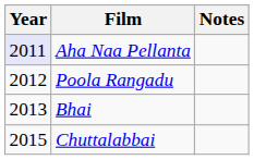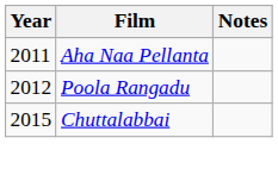 <table class="wikitable sortable">
 <tr style="background:#ccc; align:center,">
 <th>Year</th>
 <th>Film</th>
 <th>Notes</th>
 </tr>
 <tr>
-<td style="background: lavender;">2011</td>
+<td>2011</td>
 <td><em><a href='#'>Aha Naa Pellanta</a></em></td>
 <td></td>
 </tr>
 <tr>
 <td>2012</td>
 <td><em><a href='#'>Poola Rangadu</a></em></td>
 <td></td>
 </tr>
 <tr>
-<td>2013</td>
-<td><em><a href='#'>Bhai</a></em></td>
-<td></td>
-</tr>
-<tr>
 <td>2015</td>
 <td><em><a href='#'>Chuttalabbai</a></em></td>
 <td></td>
 </tr>
 </table>
